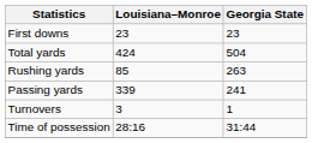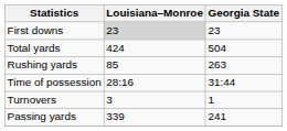 <table class="wikitable">
 <tr>
 <th>Statistics</th>
 <th>Louisiana–Monroe</th>
 <th>Georgia State</th>
 </tr>
 <tr>
 <td>First downs</td>
-<td>23</td>
+<td style="background: lightgrey;">23</td>
 <td>23</td>
 </tr>
 <tr>
 <td>Total yards</td>
 <td>424</td>
 <td>504</td>
 </tr>
 <tr>
 <td>Rushing yards</td>
 <td>85</td>
 <td>263</td>
 </tr>
 <tr>
-<td>Passing yards</td>
-<td>339</td>
-<td>241</td>
+<td>Time of possession</td>
+<td>28:16</td>
+<td>31:44</td>
 </tr>
 <tr>
 <td>Turnovers</td>
 <td>3</td>
 <td>1</td>
 </tr>
 <tr>
-<td>Time of possession</td>
-<td>28:16</td>
-<td>31:44</td>
+<td>Passing yards</td>
+<td>339</td>
+<td>241</td>
 </tr>
 <tr>
 </tr>
 </table>
